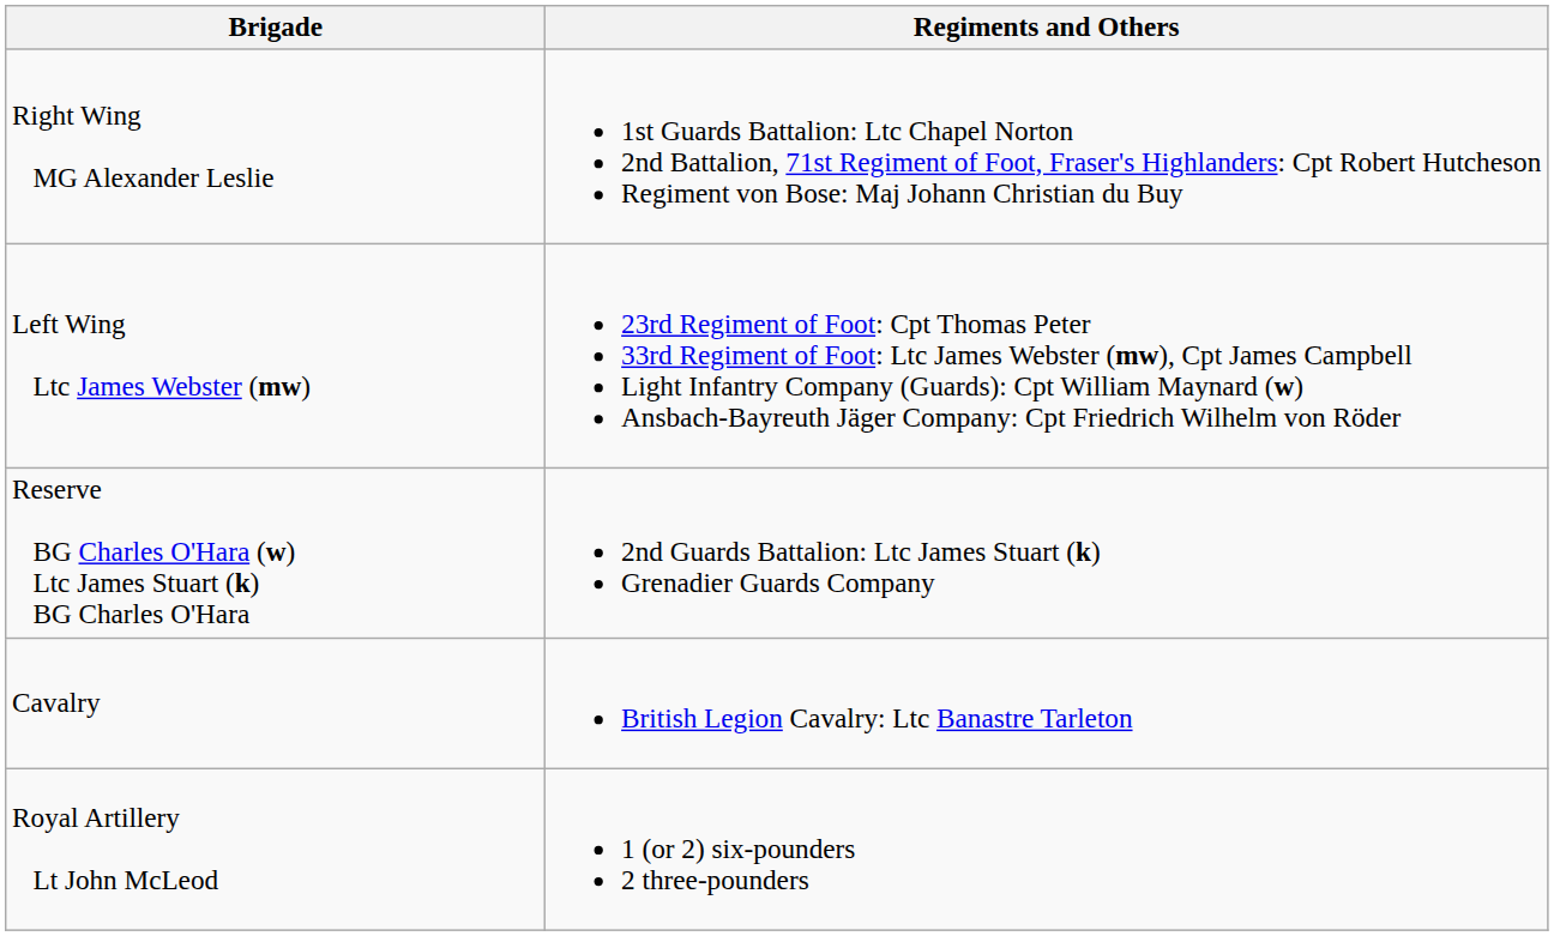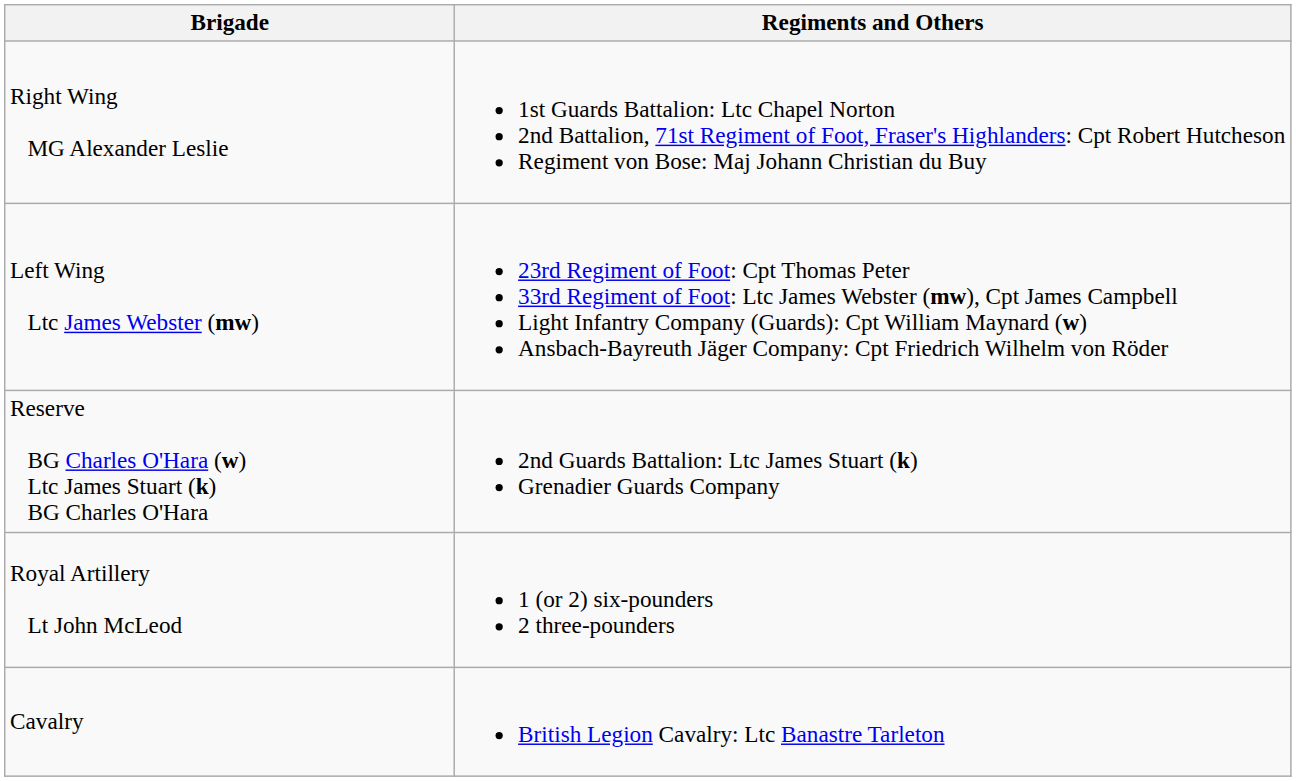 <table class="wikitable">
 <tr>
 <th style="width:35%;">Brigade</th>
 <th>Regiments and Others</th>
 </tr>
 <tr>
 <td>Right Wing<br><br>   MG Alexander Leslie</td>
 <td><br><ul><li>1st Guards Battalion: Ltc Chapel Norton</li><li>2nd Battalion, <a href='#'>71st Regiment of Foot, Fraser's Highlanders</a>: Cpt Robert Hutcheson</li><li>Regiment von Bose: Maj Johann Christian du Buy</li></ul></td>
 </tr>
 <tr>
 <td>Left Wing<br><br>   Ltc <a href='#'>James Webster</a> (<strong>mw</strong>)</td>
 <td><br><ul><li><a href='#'>23rd Regiment of Foot</a>: Cpt Thomas Peter</li><li><a href='#'>33rd Regiment of Foot</a>: Ltc James Webster (<strong>mw</strong>), Cpt James Campbell</li><li>Light Infantry Company (Guards): Cpt William Maynard (<strong>w</strong>)</li><li>Ansbach-Bayreuth Jäger Company: Cpt Friedrich Wilhelm von Röder</li></ul></td>
 </tr>
 <tr>
 <td>Reserve<br><br>   BG <a href='#'>Charles O'Hara</a> (<strong>w</strong>) <br>   Ltc James Stuart (<strong>k</strong>) <br>   BG Charles O'Hara</td>
 <td><br><ul><li>2nd Guards Battalion: Ltc James Stuart (<strong>k</strong>)</li><li>Grenadier Guards Company</li></ul></td>
 </tr>
 <tr>
+<td>Royal Artillery<br><br>   Lt John McLeod</td>
+<td><br><ul><li>1 (or 2) six-pounders</li><li>2 three-pounders</li></ul></td>
+</tr>
+<tr>
 <td>Cavalry</td>
 <td><br><ul><li><a href='#'>British Legion</a> Cavalry: Ltc <a href='#'>Banastre Tarleton</a></li></ul></td>
 </tr>
-<tr>
-<td>Royal Artillery<br><br>   Lt John McLeod</td>
-<td><br><ul><li>1 (or 2) six-pounders</li><li>2 three-pounders</li></ul></td>
-</tr>
 </table>
